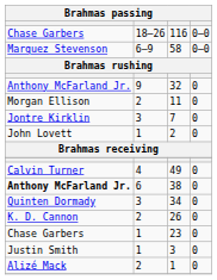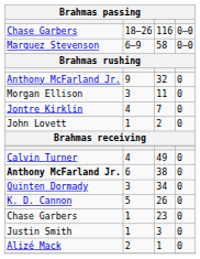 <table class="wikitable plainrowheaders">
 <tr>
 <th colspan="6">Brahmas passing</th>
 </tr>
 <tr>
 <th scope="col"></th>
 <th scope="col"></th>
 <th scope="col"></th>
 <th scope="col"></th>
 </tr>
 <tr>
 <td><a href='#'>Chase Garbers</a></td>
 <td>18–26</td>
 <td>116</td>
 <td>0–0</td>
 </tr>
 <tr>
 <td><a href='#'>Marquez Stevenson</a></td>
 <td>6–9</td>
 <td>58</td>
 <td>0–0</td>
 </tr>
 <tr>
 <th colspan="6">Brahmas rushing</th>
 </tr>
 <tr>
 <th scope="col"></th>
 <th scope="col"></th>
 <th scope="col"></th>
 <th scope="col"></th>
 </tr>
 <tr>
 <td><a href='#'>Anthony McFarland Jr.</a></td>
 <td>9</td>
 <td>32</td>
 <td>0</td>
 </tr>
 <tr>
 <td>Morgan Ellison</td>
-<td>2</td>
+<td>3</td>
 <td>11</td>
 <td>0</td>
 </tr>
 <tr>
 <td><a href='#'>Jontre Kirklin</a></td>
-<td>3</td>
+<td>4</td>
 <td>7</td>
 <td>0</td>
 </tr>
 <tr>
 <td>John Lovett</td>
 <td>1</td>
 <td>2</td>
 <td>0</td>
 </tr>
 <tr>
 <th colspan="6">Brahmas receiving</th>
 </tr>
 <tr>
 </tr>
 <tr>
 <th scope="col"></th>
 <th scope="col"></th>
 <th scope="col"></th>
 <th scope="col"></th>
 </tr>
 <tr>
 <td><a href='#'>Calvin Turner</a></td>
 <td>4</td>
 <td>49</td>
 <td>0</td>
 </tr>
 <tr>
 <td><strong>Anthony McFarland Jr.</strong></td>
 <td>6</td>
 <td>38</td>
 <td>0</td>
 </tr>
 <tr>
 <td><a href='#'>Quinten Dormady</a></td>
 <td>3</td>
 <td>34</td>
 <td>0</td>
 </tr>
 <tr>
 <td><a href='#'>K. D. Cannon</a></td>
-<td>2</td>
+<td>5</td>
 <td>26</td>
 <td>0</td>
 </tr>
 <tr>
 <td>Chase Garbers</td>
 <td>1</td>
 <td>23</td>
 <td>0</td>
 </tr>
 <tr>
 <td>Justin Smith</td>
 <td>1</td>
 <td>3</td>
 <td>0</td>
 </tr>
 <tr>
 <td><a href='#'>Alizé Mack</a></td>
 <td>2</td>
 <td>1</td>
 <td>0</td>
 </tr>
 <tr>
 </tr>
 </table>
